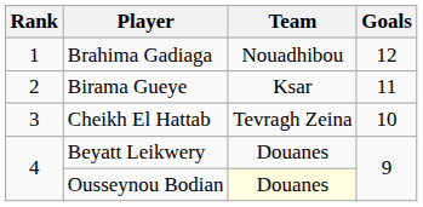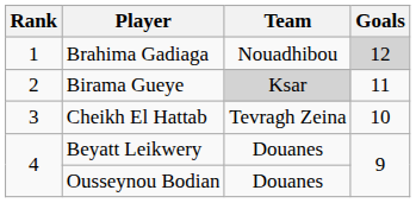 <table class="wikitable" style="text-align:center;">
 <tr>
 <th>Rank</th>
 <th>Player</th>
 <th>Team</th>
 <th>Goals</th>
 </tr>
 <tr>
 <td>1</td>
 <td align=left> Brahima Gadiaga</td>
 <td>Nouadhibou</td>
-<td>12</td>
+<td style="background: lightgrey;">12</td>
 </tr>
 <tr>
 <td>2</td>
 <td align=left> Birama Gueye</td>
-<td>Ksar</td>
+<td style="background: lightgrey;">Ksar</td>
 <td>11</td>
 </tr>
 <tr>
 <td>3</td>
 <td align=left> Cheikh El Hattab</td>
 <td>Tevragh Zeina</td>
 <td>10</td>
 </tr>
 <tr>
 <td rowspan=2>4</td>
 <td align=left> Beyatt Leikwery</td>
 <td>Douanes</td>
 <td rowspan=2>9</td>
 </tr>
 <tr>
 <td align=left> Ousseynou Bodian</td>
-<td style="background: lightyellow;">Douanes</td>
+<td>Douanes</td>
 </tr>
 </table>
